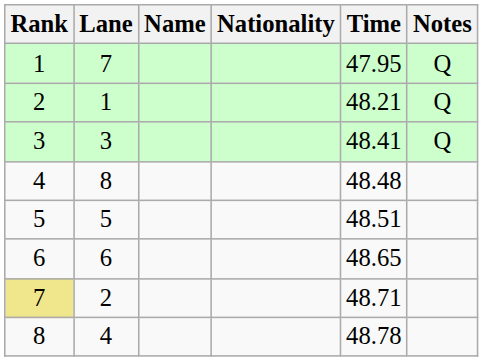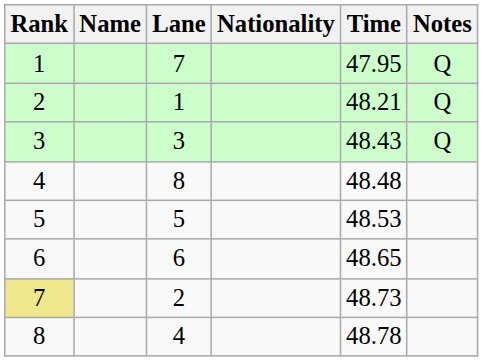 <table class="wikitable sortable" style="text-align:center">
 <tr>
 <th>Rank</th>
+<th>Name</th>
 <th>Lane</th>
-<th>Name</th>
 <th>Nationality</th>
 <th>Time</th>
 <th>Notes</th>
 </tr>
 <tr bgcolor=ccffcc>
 <td>1</td>
+<td align=left></td>
 <td>7</td>
-<td align=left></td>
 <td align=left></td>
 <td>47.95</td>
 <td>Q</td>
 </tr>
 <tr bgcolor=ccffcc>
 <td>2</td>
+<td align=left></td>
 <td>1</td>
-<td align=left></td>
 <td align=left></td>
 <td>48.21</td>
 <td>Q</td>
 </tr>
 <tr bgcolor=ccffcc>
 <td>3</td>
+<td align=left></td>
 <td>3</td>
 <td align=left></td>
-<td align=left></td>
-<td>48.41</td>
+<td>48.43</td>
 <td>Q</td>
 </tr>
 <tr>
 <td>4</td>
+<td align=left></td>
 <td>8</td>
-<td align=left></td>
 <td align=left></td>
 <td>48.48</td>
 <td></td>
 </tr>
 <tr>
 <td>5</td>
+<td align=left></td>
 <td>5</td>
 <td align=left></td>
-<td align=left></td>
-<td>48.51</td>
+<td>48.53</td>
 <td></td>
 </tr>
 <tr>
 <td>6</td>
+<td align=left></td>
 <td>6</td>
-<td align=left></td>
 <td align=left></td>
 <td>48.65</td>
 <td></td>
 </tr>
 <tr>
 <td style="background: khaki;">7</td>
+<td align=left></td>
 <td>2</td>
 <td align=left></td>
-<td align=left></td>
-<td>48.71</td>
+<td>48.73</td>
 <td></td>
 </tr>
 <tr>
 <td>8</td>
+<td align=left></td>
 <td>4</td>
-<td align=left></td>
 <td align=left></td>
 <td>48.78</td>
 <td></td>
 </tr>
 </table>
